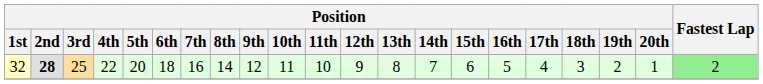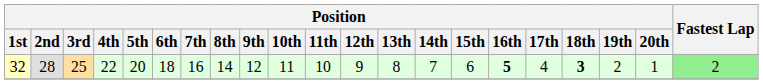 <table class="wikitable" style="font-size: 100%;">
 <tr>
 <th colspan=20>Position</th>
 <th rowspan=2>Fastest Lap</th>
 </tr>
 <tr>
 <th>1st</th>
 <th>2nd</th>
 <th>3rd</th>
 <th>4th</th>
 <th>5th</th>
 <th>6th</th>
 <th>7th</th>
 <th>8th</th>
 <th>9th</th>
 <th>10th</th>
 <th>11th</th>
 <th>12th</th>
 <th>13th</th>
 <th>14th</th>
 <th>15th</th>
 <th>16th</th>
 <th>17th</th>
 <th>18th</th>
 <th>19th</th>
 <th>20th</th>
 </tr>
 <tr>
 <td style="background:#FFFFBF;" align="center">32</td>
-<td style="background:#DFDFDF;" align="center"><strong>28</strong></td>
+<td style="background:#DFDFDF;" align="center">28</td>
 <td style="background:#FFDF9F;" align="center">25</td>
 <td style="background:#DFFFDF;" align="center">22</td>
 <td style="background:#DFFFDF;" align="center">20</td>
 <td style="background:#DFFFDF;" align="center">18</td>
 <td style="background:#DFFFDF;" align="center">16</td>
 <td style="background:#DFFFDF;" align="center">14</td>
 <td style="background:#DFFFDF;" align="center">12</td>
 <td style="background:#DFFFDF;" align="center">11</td>
 <td style="background:#DFFFDF;" align="center">10</td>
 <td style="background:#DFFFDF;" align="center">9</td>
 <td style="background:#DFFFDF;" align="center">8</td>
 <td style="background:#DFFFDF;" align="center">7</td>
 <td style="background:#DFFFDF;" align="center">6</td>
-<td style="background:#DFFFDF;" align="center">5</td>
+<td style="background:#DFFFDF;" align="center"><strong>5</strong></td>
 <td style="background:#DFFFDF;" align="center">4</td>
-<td style="background:#DFFFDF;" align="center">3</td>
+<td style="background:#DFFFDF;" align="center"><strong>3</strong></td>
 <td style="background:#DFFFDF;" align="center">2</td>
 <td style="background:#DFFFDF;" align="center">1</td>
 <td align=center style="background: lightgreen;">2</td>
 </tr>
 <tr>
 </tr>
 </table>
